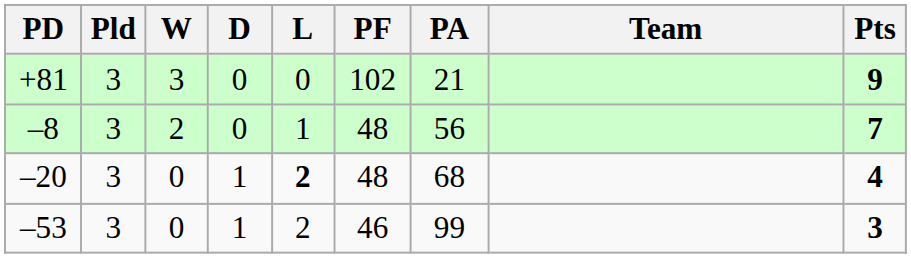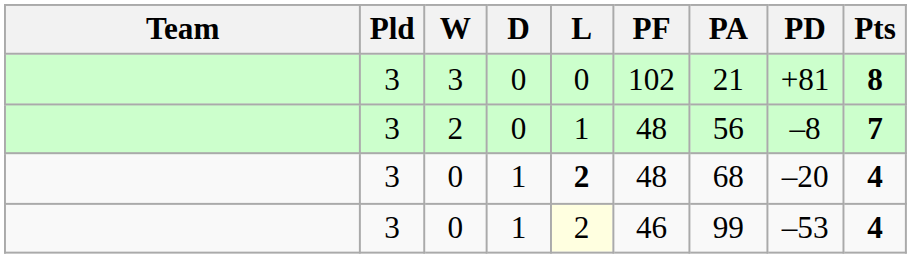 <table class="wikitable" style="text-align:center;">
 <tr>
-<th width=32 abbr="Points difference">PD</th>
+<th width=175>Team</th>
 <th width=25 abbr="Played">Pld</th>
 <th width=25 abbr="Won">W</th>
 <th width=25 abbr="Drawn">D</th>
 <th width=25 abbr="Lost">L</th>
 <th width=32 abbr="Points for">PF</th>
 <th width=32 abbr="Points against">PA</th>
-<th width=175>Team</th>
+<th width=32 abbr="Points difference">PD</th>
 <th width=25 abbr="Points">Pts</th>
 </tr>
 <tr bgcolor=ccffcc>
-<td>+81</td>
+<td align=left></td>
 <td>3</td>
 <td>3</td>
 <td>0</td>
 <td>0</td>
 <td>102</td>
 <td>21</td>
-<td align=left></td>
-<td><strong>9</strong></td>
+<td>+81</td>
+<td><strong>8</strong></td>
 </tr>
 <tr bgcolor=ccffcc>
-<td>–8</td>
+<td align=left></td>
 <td>3</td>
 <td>2</td>
 <td>0</td>
 <td>1</td>
 <td>48</td>
 <td>56</td>
-<td align=left></td>
+<td>–8</td>
 <td><strong>7</strong></td>
 </tr>
 <tr>
-<td>–20</td>
+<td align=left></td>
 <td>3</td>
 <td>0</td>
 <td>1</td>
 <td><strong>2</strong></td>
 <td>48</td>
 <td>68</td>
-<td align=left></td>
+<td>–20</td>
 <td><strong>4</strong></td>
 </tr>
 <tr>
-<td>–53</td>
+<td align=left></td>
 <td>3</td>
 <td>0</td>
 <td>1</td>
-<td>2</td>
+<td style="background: lightyellow;">2</td>
 <td>46</td>
 <td>99</td>
-<td align=left></td>
-<td><strong>3</strong></td>
+<td>–53</td>
+<td><strong>4</strong></td>
 </tr>
 </table>
